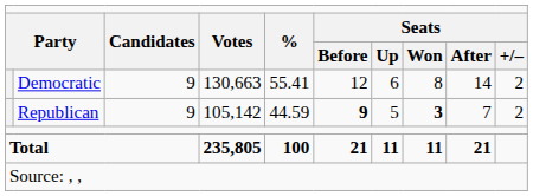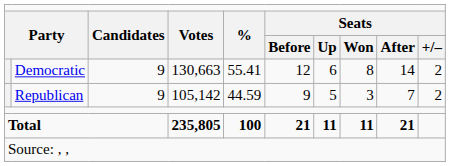 <table class="wikitable">
 <tr>
 <td colspan=15 align=center></td>
 </tr>
 <tr>
 <th rowspan="2" colspan="2">Party</th>
 <th rowspan="2">Candidates</th>
 <th rowspan="2">Votes</th>
 <th rowspan="2">%</th>
 <th colspan="5">Seats</th>
 </tr>
 <tr>
 <th>Before</th>
 <th>Up</th>
 <th>Won</th>
 <th>After</th>
 <th>+/–</th>
 </tr>
 <tr>
 <th style="background-color:"></th>
 <td><a href='#'>Democratic</a></td>
 <td align="right">9</td>
 <td align="right">130,663</td>
 <td align="right">55.41</td>
 <td align="right">12</td>
 <td align="right">6</td>
 <td align="right">8</td>
 <td align="right">14</td>
 <td align="right"> 2</td>
 </tr>
 <tr>
 <th style="background-color:"></th>
 <td><a href='#'>Republican</a></td>
 <td align="right">9</td>
 <td align="right">105,142</td>
 <td align="right">44.59</td>
-<td align="right"><strong>9</strong></td>
+<td align="right">9</td>
 <td align="right">5</td>
-<td align="right"><strong>3</strong></td>
+<td align="right">3</td>
 <td align="right">7</td>
 <td align="right"> 2</td>
 </tr>
 <tr>
 <td colspan="15"></td>
 </tr>
 <tr style="font-weight:bold;">
 <td align=left colspan=3>Total</td>
 <td align="right">235,805</td>
 <td align="right">100</td>
 <td align="right">21</td>
 <td align="right">11</td>
 <td align="right">11</td>
 <td align="right">21</td>
 <td align="right"></td>
 </tr>
 <tr>
 <td colspan="10">Source: , , </td>
 </tr>
 </table>
